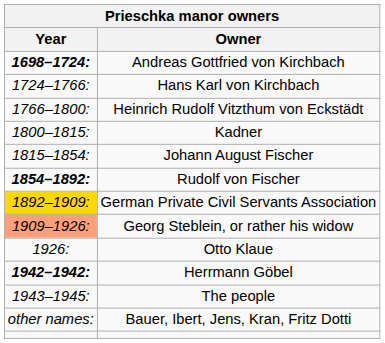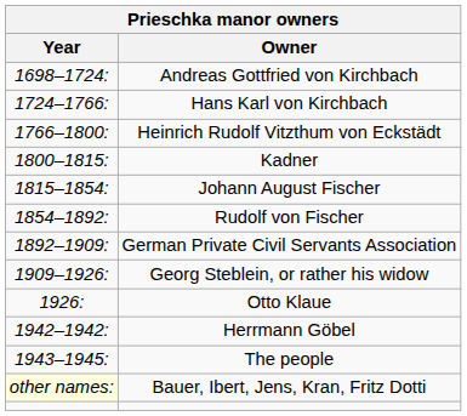 <table class="wikitable float-right" style="text-align:center">
 <tr class="hintergrundfarbe6">
 <th colspan="10">Prieschka manor owners</th>
 </tr>
 <tr class="hintergrundfarbe6">
 <th>Year</th>
 <th>Owner</th>
 </tr>
 <tr>
-<td><strong><em>1698–1724:</em></strong></td>
+<td><em>1698–1724:</em></td>
 <td>Andreas Gottfried von Kirchbach</td>
 </tr>
 <tr>
 <td><em>1724–1766:</em></td>
 <td>Hans Karl von Kirchbach</td>
 </tr>
 <tr>
 <td><em>1766–1800:</em></td>
 <td>Heinrich Rudolf Vitzthum von Eckstädt</td>
 </tr>
 <tr>
 <td><em>1800–1815:</em></td>
 <td>Kadner</td>
 </tr>
 <tr>
 <td><em>1815–1854:</em></td>
 <td>Johann August Fischer</td>
 </tr>
 <tr>
-<td><strong><em>1854–1892:</em></strong></td>
+<td><em>1854–1892:</em></td>
 <td>Rudolf von Fischer</td>
 </tr>
 <tr>
-<td style="background: gold;"><em>1892–1909:</em></td>
+<td><em>1892–1909:</em></td>
 <td>German Private Civil Servants Association</td>
 </tr>
 <tr>
-<td style="background: lightsalmon;"><em>1909–1926:</em></td>
+<td><em>1909–1926:</em></td>
 <td>Georg Steblein, or rather his widow</td>
 </tr>
 <tr>
 <td><em>1926:</em></td>
 <td>Otto Klaue</td>
 </tr>
 <tr>
-<td><strong><em>1942–1942:</em></strong></td>
+<td><em>1942–1942:</em></td>
 <td>Herrmann Göbel</td>
 </tr>
 <tr>
 <td><em>1943–1945:</em></td>
 <td>The people</td>
 </tr>
 <tr>
-<td><em>other names:</em></td>
+<td style="background: lightyellow;"><em>other names:</em></td>
 <td>Bauer, Ibert, Jens, Kran, Fritz Dotti</td>
 </tr>
 <tr>
 <td></td>
 <td></td>
 </tr>
 </table>
